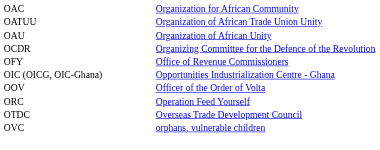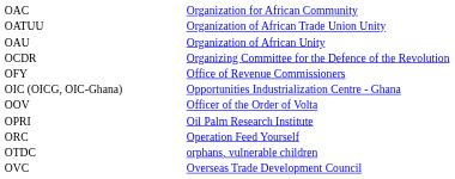 <table width="100%" style="text-verticalalign:top">
 <tr>
 <td width="20%">OAC</td>
 <td width="40%"><a href='#'>Organization for African Community</a></td>
 <td width="40%"></td>
 </tr>
 <tr>
 <td>OATUU</td>
 <td><a href='#'>Organization of African Trade Union Unity</a></td>
 <td></td>
 </tr>
 <tr>
 <td>OAU</td>
 <td><a href='#'>Organization of African Unity</a></td>
 <td></td>
 </tr>
 <tr>
 <td>OCDR</td>
 <td><a href='#'>Organizing Committee for the Defence of the Revolution</a></td>
 <td></td>
 </tr>
 <tr>
 <td>OFY</td>
 <td><a href='#'>Office of Revenue Commissioners</a></td>
 <td></td>
 </tr>
 <tr>
 <td>OIC (OICG, OIC-Ghana)</td>
 <td><a href='#'>Opportunities Industrialization Centre - Ghana</a></td>
 <td></td>
 </tr>
 <tr>
 <td>OOV</td>
 <td><a href='#'>Officer of the Order of Volta</a></td>
 <td></td>
 </tr>
 <tr>
+<td>OPRI</td>
+<td><a href='#'>Oil Palm Research Institute</a></td>
+<td></td>
+</tr>
+<tr>
 <td>ORC</td>
 <td><a href='#'>Operation Feed Yourself</a></td>
 <td></td>
 </tr>
 <tr>
 <td>OTDC</td>
-<td><a href='#'>Overseas Trade Development Council</a></td>
+<td><a href='#'>orphans, vulnerable children</a></td>
 <td></td>
 </tr>
 <tr>
 <td>OVC</td>
-<td><a href='#'>orphans, vulnerable children</a></td>
+<td><a href='#'>Overseas Trade Development Council</a></td>
 <td></td>
 </tr>
 </table>
